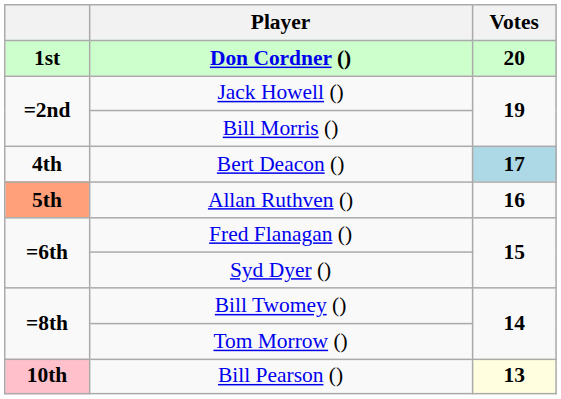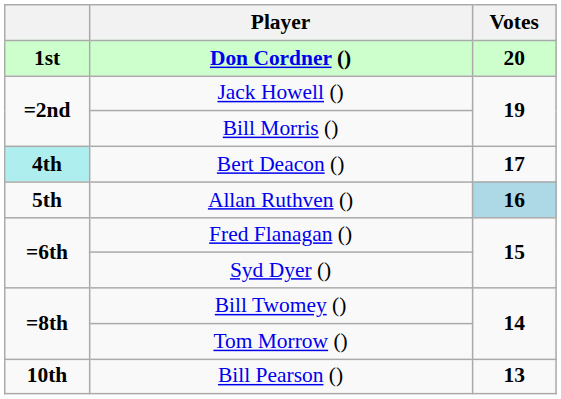 <table class="wikitable" style="text-align: center; font-size: 90%;">
 <tr>
 <th width="50"></th>
 <th width="250">Player</th>
 <th width="50">Votes</th>
 </tr>
 <tr style="background: #CCFFCC; font-weight: bold;" |>
 <td><strong>1st</strong></td>
 <td><a href='#'>Don Cordner</a> ()</td>
 <td><strong>20</strong></td>
 </tr>
 <tr>
 <td rowspan=2><strong>=2nd</strong></td>
 <td><a href='#'>Jack Howell</a> ()</td>
 <td rowspan=2><strong>19</strong></td>
 </tr>
 <tr>
 <td><a href='#'>Bill Morris</a> ()</td>
 </tr>
 <tr>
-<td><strong>4th</strong></td>
+<td style="background: paleturquoise;"><strong>4th</strong></td>
 <td><a href='#'>Bert Deacon</a> ()</td>
-<td style="background: lightblue;"><strong>17</strong></td>
+<td><strong>17</strong></td>
 </tr>
 <tr>
-<td style="background: lightsalmon;"><strong>5th</strong></td>
+<td><strong>5th</strong></td>
 <td><a href='#'>Allan Ruthven</a> ()</td>
-<td><strong>16</strong></td>
+<td style="background: lightblue;"><strong>16</strong></td>
 </tr>
 <tr>
 <td rowspan=2><strong>=6th</strong></td>
 <td><a href='#'>Fred Flanagan</a> ()</td>
 <td rowspan=2><strong>15</strong></td>
 </tr>
 <tr>
 <td><a href='#'>Syd Dyer</a> ()</td>
 </tr>
 <tr>
 <td rowspan=2><strong>=8th</strong></td>
 <td><a href='#'>Bill Twomey</a> ()</td>
 <td rowspan=2><strong>14</strong></td>
 </tr>
 <tr>
 <td><a href='#'>Tom Morrow</a> ()</td>
 </tr>
 <tr>
-<td style="background: pink;"><strong>10th</strong></td>
+<td><strong>10th</strong></td>
 <td><a href='#'>Bill Pearson</a> ()</td>
-<td style="background: lightyellow;"><strong>13</strong></td>
+<td><strong>13</strong></td>
 </tr>
 </table>
